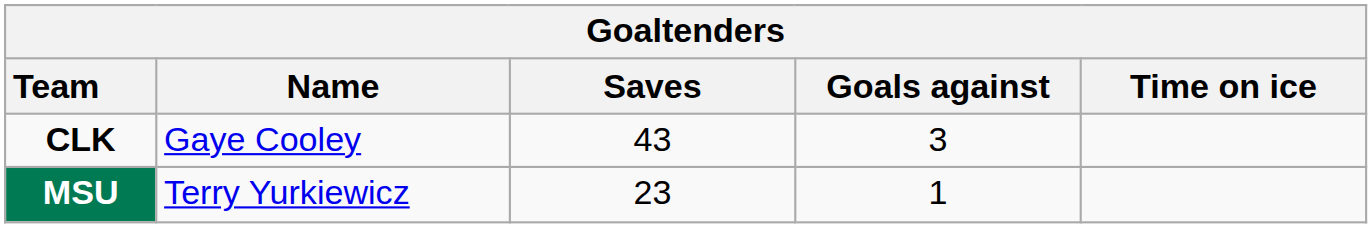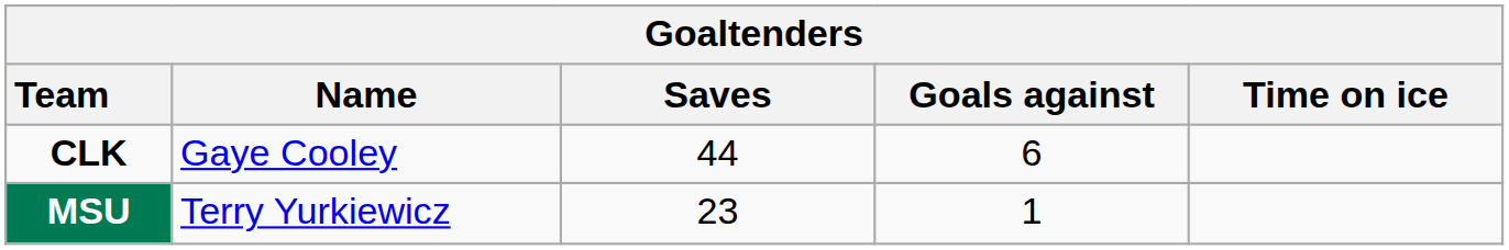 <table class="wikitable" style="width:40em; text-align:right;">
 <tr>
 <th colspan=5>Goaltenders</th>
 </tr>
 <tr>
 <th style="width:4em; text-align:left;">Team</th>
 <th style="width:10em;">Name</th>
 <th style="width:8em;">Saves</th>
 <th style="width:8em;">Goals against</th>
 <th style="width:8em;">Time on ice</th>
 </tr>
 <tr>
 <td align=center><strong>CLK</strong></td>
 <td style="text-align:left;"><a href='#'>Gaye Cooley</a></td>
-<td align=center>43</td>
-<td align=center>3</td>
+<td align=center>44</td>
+<td align=center>6</td>
 <td align=center></td>
 </tr>
 <tr>
 <td align=center style="color:white; background:#007A53"><strong>MSU</strong></td>
 <td style="text-align:left;"><a href='#'>Terry Yurkiewicz</a></td>
 <td align=center>23</td>
 <td align=center>1</td>
 <td align=center></td>
 </tr>
 </table>
